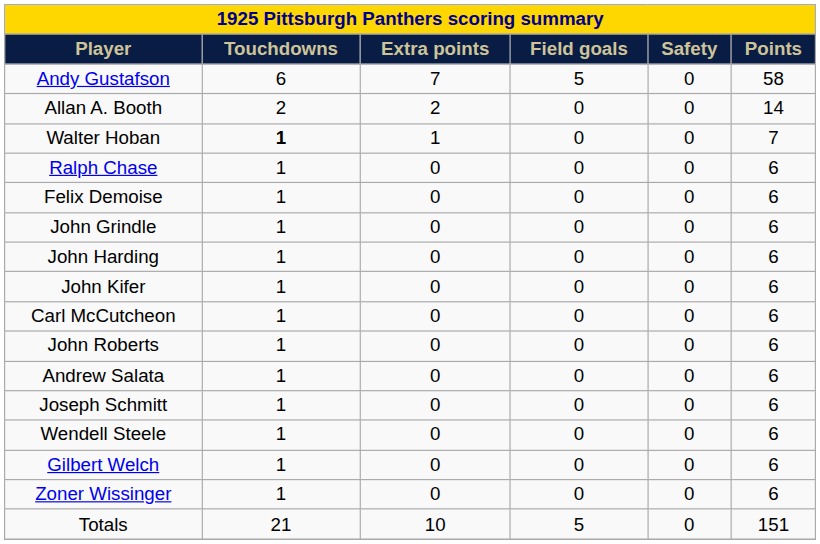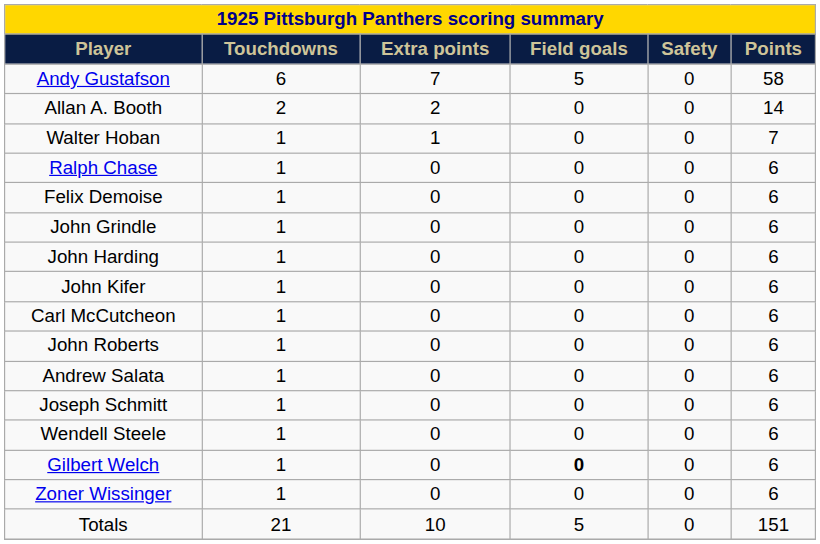 <table class="wikitable" width="35%">
 <tr>
 <th colspan="10" style="background:gold; color:darkblue; text-align: center;"><strong>1925 Pittsburgh Panthers scoring summary</strong></th>
 </tr>
 <tr align="center"  style="background:#091C44;color:#CEC499;">
 <td><strong>Player</strong></td>
 <td><strong>Touchdowns</strong></td>
 <td><strong>Extra points</strong></td>
 <td><strong>Field goals</strong></td>
 <td><strong>Safety</strong></td>
 <td><strong>Points</strong></td>
 </tr>
 <tr align="center" bgcolor="">
 <td><a href='#'>Andy Gustafson</a></td>
 <td>6</td>
 <td>7</td>
 <td>5</td>
 <td>0</td>
 <td>58</td>
 </tr>
 <tr align="center" bgcolor="">
 <td>Allan A. Booth</td>
 <td>2</td>
 <td>2</td>
 <td>0</td>
 <td>0</td>
 <td>14</td>
 </tr>
 <tr align="center" bgcolor="">
 <td>Walter Hoban</td>
-<td><strong>1</strong></td>
+<td>1</td>
 <td>1</td>
 <td>0</td>
 <td>0</td>
 <td>7</td>
 </tr>
 <tr align="center" bgcolor="">
 <td><a href='#'>Ralph Chase</a></td>
 <td>1</td>
 <td>0</td>
 <td>0</td>
 <td>0</td>
 <td>6</td>
 </tr>
 <tr align="center" bgcolor="">
 <td>Felix Demoise</td>
 <td>1</td>
 <td>0</td>
 <td>0</td>
 <td>0</td>
 <td>6</td>
 </tr>
 <tr align="center" bgcolor="">
 <td>John Grindle</td>
 <td>1</td>
 <td>0</td>
 <td>0</td>
 <td>0</td>
 <td>6</td>
 </tr>
 <tr align="center" bgcolor="">
 <td>John Harding</td>
 <td>1</td>
 <td>0</td>
 <td>0</td>
 <td>0</td>
 <td>6</td>
 </tr>
 <tr align="center" bgcolor="">
 <td>John Kifer</td>
 <td>1</td>
 <td>0</td>
 <td>0</td>
 <td>0</td>
 <td>6</td>
 </tr>
 <tr align="center" bgcolor="">
 <td>Carl McCutcheon</td>
 <td>1</td>
 <td>0</td>
 <td>0</td>
 <td>0</td>
 <td>6</td>
 </tr>
 <tr align="center" bgcolor="">
 <td>John Roberts</td>
 <td>1</td>
 <td>0</td>
 <td>0</td>
 <td>0</td>
 <td>6</td>
 </tr>
 <tr align="center" bgcolor="">
 <td>Andrew Salata</td>
 <td>1</td>
 <td>0</td>
 <td>0</td>
 <td>0</td>
 <td>6</td>
 </tr>
 <tr align="center" bgcolor="">
 <td>Joseph Schmitt</td>
 <td>1</td>
 <td>0</td>
 <td>0</td>
 <td>0</td>
 <td>6</td>
 </tr>
 <tr align="center" bgcolor="">
 <td>Wendell Steele</td>
 <td>1</td>
 <td>0</td>
 <td>0</td>
 <td>0</td>
 <td>6</td>
 </tr>
 <tr align="center" bgcolor="">
 <td><a href='#'>Gilbert Welch</a></td>
 <td>1</td>
 <td>0</td>
-<td>0</td>
+<td><strong>0</strong></td>
 <td>0</td>
 <td>6</td>
 </tr>
 <tr align="center" bgcolor="">
 <td><a href='#'>Zoner Wissinger</a></td>
 <td>1</td>
 <td>0</td>
 <td>0</td>
 <td>0</td>
 <td>6</td>
 </tr>
 <tr align="center" bgcolor="">
 <td>Totals</td>
 <td>21</td>
 <td>10</td>
 <td>5</td>
 <td>0</td>
 <td>151</td>
 </tr>
 <tr align="center" bgcolor="">
 </tr>
 </table>
